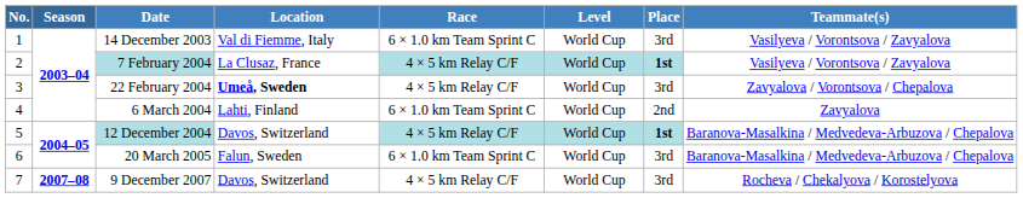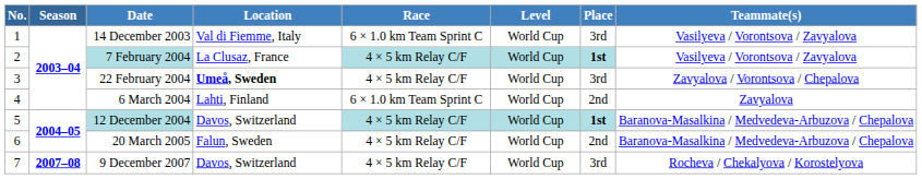 <table class="wikitable sortable" style="font-size:95%; text-align:center; border:grey solid 1px; border-collapse:collapse; background:#ffffff;">
 <tr style="background:#efefef;">
 <th style="background-color:#369; color:white;">No.</th>
 <th style="background-color:#369; color:white;">Season</th>
 <th style="background-color:#4180be; color:white; width:120px;">Date</th>
 <th style="background-color:#4180be; color:white; width:170px;">Location</th>
 <th style="background-color:#4180be; color:white; width:170px;">Race</th>
 <th style="background-color:#4180be; color:white; width:100px;">Level</th>
 <th style="background-color:#4180be; color:white;">Place</th>
 <th style="background-color:#4180be; color:white;">Teammate(s)</th>
 </tr>
 <tr>
 <td align=center>1</td>
 <td rowspan=4 align=center><strong> <a href='#'>2003–04</a> </strong></td>
 <td align=right>14 December 2003</td>
 <td align=left> <a href='#'>Val di Fiemme</a>, Italy</td>
 <td>6 × 1.0 km Team Sprint C</td>
 <td>World Cup</td>
 <td>3rd</td>
 <td><a href='#'>Vasilyeva</a> / <a href='#'>Vorontsova</a> / <a href='#'>Zavyalova</a></td>
 </tr>
 <tr>
 <td align=center>2</td>
 <td bgcolor="#BOEOE6" align=right>7 February 2004</td>
 <td align=left> <a href='#'>La Clusaz</a>, France</td>
 <td bgcolor="#BOEOE6">4 × 5 km Relay C/F</td>
 <td bgcolor="#BOEOE6">World Cup</td>
 <td bgcolor="#BOEOE6"><strong>1st</strong></td>
 <td><a href='#'>Vasilyeva</a> / <a href='#'>Vorontsova</a> / <a href='#'>Zavyalova</a></td>
 </tr>
 <tr>
 <td align=center>3</td>
 <td align=right>22 February 2004</td>
 <td align=left><strong> <a href='#'>Umeå</a>, Sweden</strong></td>
 <td>4 × 5 km Relay C/F</td>
 <td>World Cup</td>
 <td>3rd</td>
 <td><a href='#'>Zavyalova</a> / <a href='#'>Vorontsova</a> / <a href='#'>Chepalova</a></td>
 </tr>
 <tr>
 <td align=center>4</td>
 <td align=right>6 March 2004</td>
 <td align=left> <a href='#'>Lahti</a>, Finland</td>
 <td>6 × 1.0 km Team Sprint C</td>
 <td>World Cup</td>
 <td>2nd</td>
 <td><a href='#'>Zavyalova</a></td>
 </tr>
 <tr>
 <td align=center>5</td>
 <td rowspan=2 align=center><strong><a href='#'>2004–05</a></strong></td>
 <td bgcolor="#BOEOE6" align=right>12 December 2004</td>
 <td align=left> <a href='#'>Davos</a>, Switzerland</td>
 <td bgcolor="#BOEOE6">4 × 5 km Relay C/F</td>
 <td bgcolor="#BOEOE6">World Cup</td>
 <td bgcolor="#BOEOE6"><strong>1st</strong></td>
 <td><a href='#'>Baranova-Masalkina</a> / <a href='#'>Medvedeva-Arbuzova</a> / <a href='#'>Chepalova</a></td>
 </tr>
 <tr>
 <td align=center>6</td>
 <td align=right>20 March 2005</td>
 <td align=left> <a href='#'>Falun</a>, Sweden</td>
-<td>6 × 1.0 km Team Sprint C</td>
+<td>4 × 5 km Relay C/F</td>
 <td>World Cup</td>
-<td>3rd</td>
+<td>2nd</td>
 <td><a href='#'>Baranova-Masalkina</a> / <a href='#'>Medvedeva-Arbuzova</a> / <a href='#'>Chepalova</a></td>
 </tr>
 <tr>
 <td align=center>7</td>
 <td rowspan=1 align=center><strong> <a href='#'>2007–08</a> </strong></td>
 <td align=right>9 December 2007</td>
 <td align=left> <a href='#'>Davos</a>, Switzerland</td>
 <td>4 × 5 km Relay C/F</td>
 <td>World Cup</td>
 <td>3rd</td>
 <td><a href='#'>Rocheva</a> / <a href='#'>Chekalyova</a> / <a href='#'>Korostelyova</a></td>
 </tr>
 </table>
